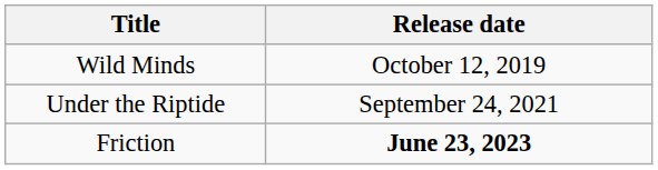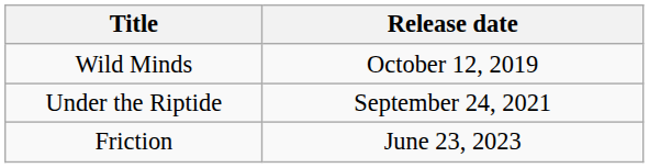 <table class="wikitable" style="text-align:center;">
 <tr>
 <th style="width:10em">Title</th>
 <th style="width:15em">Release date</th>
 </tr>
 <tr>
 <td>Wild Minds</td>
 <td>October 12, 2019</td>
 </tr>
 <tr>
 <td>Under the Riptide</td>
 <td>September 24, 2021</td>
 </tr>
 <tr>
 <td>Friction</td>
-<td><strong>June 23, 2023</strong></td>
+<td>June 23, 2023</td>
 </tr>
 </table>
